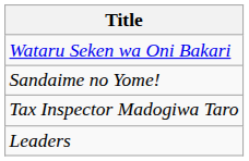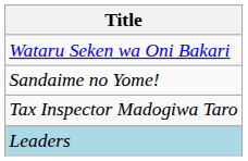 <table class="wikitable">
 <tr>
 <th>Title</th>
 </tr>
 <tr>
 <td><em><a href='#'>Wataru Seken wa Oni Bakari</a></em></td>
 </tr>
 <tr>
 <td><em>Sandaime no Yome!</em></td>
 </tr>
 <tr>
 <td><em>Tax Inspector Madogiwa Taro</em></td>
 </tr>
 <tr>
-<td><em>Leaders</em></td>
+<td style="background: lightblue;"><em>Leaders</em></td>
 </tr>
 </table>
